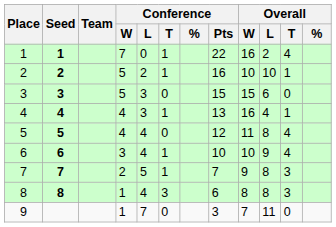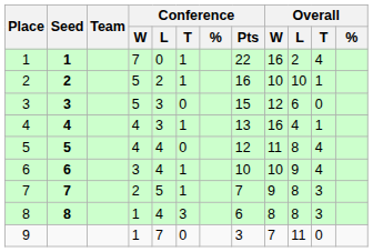 <table class="wikitable">
 <tr>
 <th rowspan ="2">Place</th>
 <th rowspan ="2">Seed</th>
 <th rowspan ="2">Team</th>
 <th colspan = "5">Conference</th>
 <th colspan = "4">Overall</th>
 </tr>
 <tr>
 <th scope="col" style="width: 20px;">W</th>
 <th scope="col" style="width: 20px;">L</th>
 <th scope="col" style="width: 20px;">T</th>
 <th scope="col" style="width: 30px;">%</th>
 <th scope="col" style="width: 30px;">Pts</th>
 <th scope="col" style="width: 20px;">W</th>
 <th scope="col" style="width: 20px;">L</th>
 <th scope="col" style="width: 20px;">T</th>
 <th scope="col" style="width: 30px;">%</th>
 </tr>
 <tr bgcolor=#ccffcc>
 <td style="text-align:center;">1</td>
 <td style="text-align:center;"><strong>1</strong></td>
 <td></td>
 <td>7</td>
 <td>0</td>
 <td>1</td>
 <td></td>
 <td>22</td>
 <td>16</td>
 <td>2</td>
 <td>4</td>
 <td></td>
 </tr>
 <tr bgcolor=#ccffcc>
 <td style="text-align:center;">2</td>
 <td style="text-align:center;"><strong>2</strong></td>
 <td></td>
 <td>5</td>
 <td>2</td>
 <td>1</td>
 <td></td>
 <td>16</td>
 <td>10</td>
 <td>10</td>
 <td>1</td>
 <td></td>
 </tr>
 <tr bgcolor=#ccffcc>
 <td style="text-align:center;">3</td>
 <td style="text-align:center;"><strong>3</strong></td>
 <td></td>
 <td>5</td>
 <td>3</td>
 <td>0</td>
 <td></td>
 <td>15</td>
-<td>15</td>
+<td>12</td>
 <td>6</td>
 <td>0</td>
 <td></td>
 </tr>
 <tr bgcolor=#ccffcc>
 <td style="text-align:center;">4</td>
 <td style="text-align:center;"><strong>4</strong></td>
 <td></td>
 <td>4</td>
 <td>3</td>
 <td>1</td>
 <td></td>
 <td>13</td>
 <td>16</td>
 <td>4</td>
 <td>1</td>
 <td></td>
 </tr>
 <tr bgcolor=#ccffcc>
 <td style="text-align:center;">5</td>
 <td style="text-align:center;"><strong>5</strong></td>
 <td></td>
 <td>4</td>
 <td>4</td>
 <td>0</td>
 <td></td>
 <td>12</td>
 <td>11</td>
 <td>8</td>
 <td>4</td>
 <td></td>
 </tr>
 <tr bgcolor=#ccffcc>
 <td style="text-align:center;">6</td>
 <td style="text-align:center;"><strong>6</strong></td>
 <td></td>
 <td>3</td>
 <td>4</td>
 <td>1</td>
 <td></td>
 <td>10</td>
 <td>10</td>
 <td>9</td>
 <td>4</td>
 <td></td>
 </tr>
 <tr bgcolor=#ccffcc>
 <td style="text-align:center;">7</td>
 <td style="text-align:center;"><strong>7</strong></td>
 <td></td>
 <td>2</td>
 <td>5</td>
 <td>1</td>
 <td></td>
 <td>7</td>
 <td>9</td>
 <td>8</td>
 <td>3</td>
 <td></td>
 </tr>
 <tr bgcolor=#ccffcc>
 <td style="text-align:center;">8</td>
 <td style="text-align:center;"><strong>8</strong></td>
 <td></td>
 <td>1</td>
 <td>4</td>
 <td>3</td>
 <td></td>
 <td>6</td>
 <td>8</td>
 <td>8</td>
 <td>3</td>
 <td></td>
 </tr>
 <tr>
 <td style="text-align:center;">9</td>
 <td style="text-align:center;"></td>
 <td></td>
 <td>1</td>
 <td>7</td>
 <td>0</td>
 <td></td>
 <td>3</td>
 <td>7</td>
 <td>11</td>
 <td>0</td>
 <td></td>
 </tr>
 </table>
